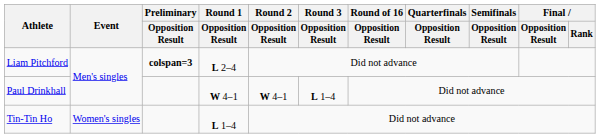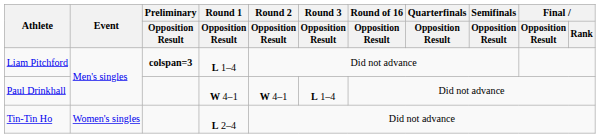 <table class=wikitable style=font-size:90%;text-align:center>
 <tr>
 <th rowspan=2>Athlete</th>
 <th rowspan=2>Event</th>
 <th>Preliminary</th>
 <th>Round 1</th>
 <th>Round 2</th>
 <th>Round 3</th>
 <th>Round of 16</th>
 <th>Quarterfinals</th>
 <th>Semifinals</th>
 <th colspan=2>Final / </th>
 </tr>
 <tr style=font-size:95%>
 <th>Opposition<br>Result</th>
 <th>Opposition<br>Result</th>
 <th>Opposition<br>Result</th>
 <th>Opposition<br>Result</th>
 <th>Opposition<br>Result</th>
 <th>Opposition<br>Result</th>
 <th>Opposition<br>Result</th>
 <th>Opposition<br>Result</th>
 <th>Rank</th>
 </tr>
 <tr>
 <td align=left><a href='#'>Liam Pitchford</a></td>
 <td align=left rowspan=2><a href='#'>Men's singles</a></td>
 <td><strong>colspan=3 </strong></td>
-<td><br><strong>L</strong> 2–4</td>
+<td><br><strong>L</strong> 1–4</td>
 <td colspan=5>Did not advance</td>
 </tr>
 <tr>
 <td align=left><a href='#'>Paul Drinkhall</a></td>
 <td></td>
 <td><br><strong>W</strong> 4–1</td>
 <td><br><strong>W</strong> 4–1</td>
 <td><br><strong>L</strong> 1–4</td>
 <td colspan=5>Did not advance</td>
 </tr>
 <tr>
 <td align=left><a href='#'>Tin-Tin Ho</a></td>
 <td align=left><a href='#'>Women's singles</a></td>
 <td></td>
-<td><br><strong>L</strong> 1–4</td>
+<td><br><strong>L</strong> 2–4</td>
 <td colspan=7>Did not advance</td>
 </tr>
 </table>
